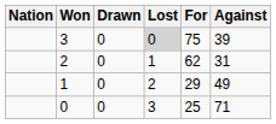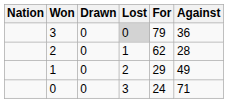 <table class="wikitable">
 <tr>
 <th>Nation</th>
 <th>Won</th>
 <th>Drawn</th>
 <th>Lost</th>
 <th>For</th>
 <th>Against</th>
 </tr>
 <tr>
 <td></td>
 <td>3</td>
 <td>0</td>
 <td style="background: lightgrey;">0</td>
-<td>75</td>
-<td>39</td>
+<td>79</td>
+<td>36</td>
 </tr>
 <tr>
 <td></td>
 <td>2</td>
 <td>0</td>
 <td>1</td>
 <td>62</td>
-<td>31</td>
+<td>28</td>
 </tr>
 <tr>
 <td></td>
 <td>1</td>
 <td>0</td>
 <td>2</td>
 <td>29</td>
 <td>49</td>
 </tr>
 <tr>
 <td></td>
 <td>0</td>
 <td>0</td>
 <td>3</td>
-<td>25</td>
+<td>24</td>
 <td>71</td>
 </tr>
 </table>
